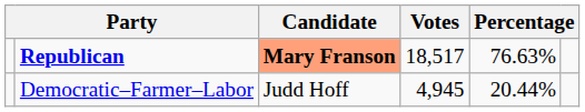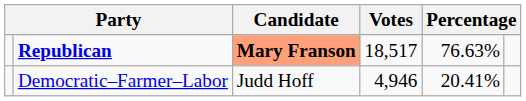 <table class="wikitable" style="text-align:right;">
 <tr style="background-color:#E9E9E9;text-align:center;">
 <th colspan=2>Party</th>
 <th>Candidate</th>
 <th>Votes</th>
 <th colspan=2>Percentage</th>
 </tr>
 <tr>
 <td style="background-color:"></td>
 <td style="text-align:left;"><strong><a href='#'>Republican</a></strong></td>
 <td style="background: lightsalmon; text-align:left;"><strong>Mary Franson</strong></td>
 <td style="text-align:right;">18,517</td>
 <td style="text-align:right;">76.63%</td>
 <td style="text-align:right;"><div><div> </div></div></td>
 </tr>
 <tr>
 <td style="background-color:"></td>
 <td style="text-align:left;"><a href='#'>Democratic–Farmer–Labor</a></td>
 <td style="text-align:left;">Judd Hoff</td>
-<td style="text-align:right;">4,945</td>
-<td style="text-align:right;">20.44%</td>
+<td style="text-align:right;">4,946</td>
+<td style="text-align:right;">20.41%</td>
 <td style="text-align:right;"><div><div> </div></div></td>
 </tr>
 </table>
